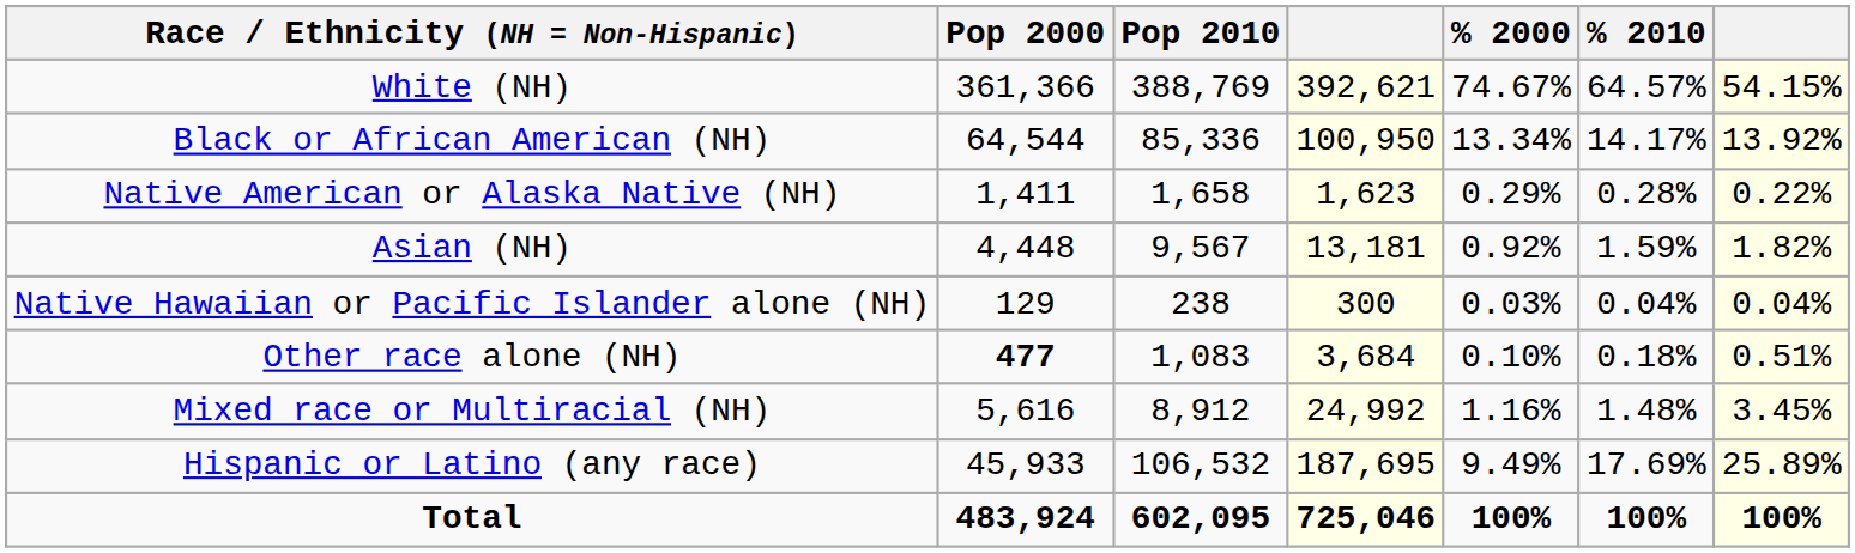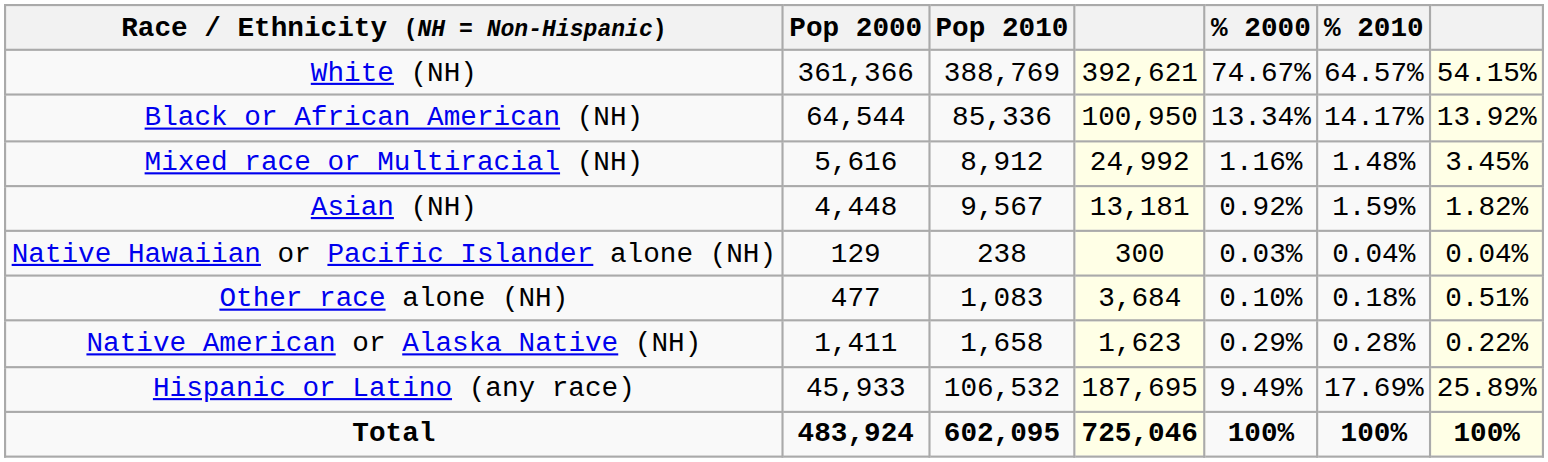 <table class="wikitable" style="text-align:center;">
 <tr>
 <th>Race / Ethnicity <small>(<em>NH = Non-Hispanic</em>)</small></th>
 <th>Pop 2000</th>
 <th>Pop 2010</th>
 <th></th>
 <th>% 2000</th>
 <th>% 2010</th>
 <th></th>
 </tr>
 <tr>
 <td><a href='#'>White</a> (NH)</td>
 <td>361,366</td>
 <td>388,769</td>
 <td style='background: #ffffe6;'>392,621</td>
 <td>74.67%</td>
 <td>64.57%</td>
 <td style='background: #ffffe6;'>54.15%</td>
 </tr>
 <tr>
 <td><a href='#'>Black or African American</a> (NH)</td>
 <td>64,544</td>
 <td>85,336</td>
 <td style='background: #ffffe6;'>100,950</td>
 <td>13.34%</td>
 <td>14.17%</td>
 <td style='background: #ffffe6;'>13.92%</td>
 </tr>
 <tr>
-<td><a href='#'>Native American</a> or <a href='#'>Alaska Native</a> (NH)</td>
-<td>1,411</td>
-<td>1,658</td>
-<td style='background: #ffffe6;'>1,623</td>
-<td>0.29%</td>
-<td>0.28%</td>
-<td style='background: #ffffe6;'>0.22%</td>
+<td><a href='#'>Mixed race or Multiracial</a> (NH)</td>
+<td>5,616</td>
+<td>8,912</td>
+<td style='background: #ffffe6;'>24,992</td>
+<td>1.16%</td>
+<td>1.48%</td>
+<td style='background: #ffffe6;'>3.45%</td>
 </tr>
 <tr>
 <td><a href='#'>Asian</a> (NH)</td>
 <td>4,448</td>
 <td>9,567</td>
 <td style='background: #ffffe6;'>13,181</td>
 <td>0.92%</td>
 <td>1.59%</td>
 <td style='background: #ffffe6;'>1.82%</td>
 </tr>
 <tr>
 <td><a href='#'>Native Hawaiian</a> or <a href='#'>Pacific Islander</a> alone (NH)</td>
 <td>129</td>
 <td>238</td>
 <td style='background: #ffffe6;'>300</td>
 <td>0.03%</td>
 <td>0.04%</td>
 <td style='background: #ffffe6;'>0.04%</td>
 </tr>
 <tr>
 <td><a href='#'>Other race</a> alone (NH)</td>
-<td><strong>477</strong></td>
+<td>477</td>
 <td>1,083</td>
 <td style='background: #ffffe6;'>3,684</td>
 <td>0.10%</td>
 <td>0.18%</td>
 <td style='background: #ffffe6;'>0.51%</td>
 </tr>
 <tr>
-<td><a href='#'>Mixed race or Multiracial</a> (NH)</td>
-<td>5,616</td>
-<td>8,912</td>
-<td style='background: #ffffe6;'>24,992</td>
-<td>1.16%</td>
-<td>1.48%</td>
-<td style='background: #ffffe6;'>3.45%</td>
+<td><a href='#'>Native American</a> or <a href='#'>Alaska Native</a> (NH)</td>
+<td>1,411</td>
+<td>1,658</td>
+<td style='background: #ffffe6;'>1,623</td>
+<td>0.29%</td>
+<td>0.28%</td>
+<td style='background: #ffffe6;'>0.22%</td>
 </tr>
 <tr>
 <td><a href='#'>Hispanic or Latino</a> (any race)</td>
 <td>45,933</td>
 <td>106,532</td>
 <td style='background: #ffffe6;'>187,695</td>
 <td>9.49%</td>
 <td>17.69%</td>
 <td style='background: #ffffe6;'>25.89%</td>
 </tr>
 <tr>
 <td><strong>Total</strong></td>
 <td><strong>483,924</strong></td>
 <td><strong>602,095</strong></td>
 <td style='background: #ffffe6;'><strong>725,046</strong></td>
 <td><strong>100%</strong></td>
 <td><strong>100%</strong></td>
 <td style='background: #ffffe6;'><strong>100%</strong></td>
 </tr>
 </table>
